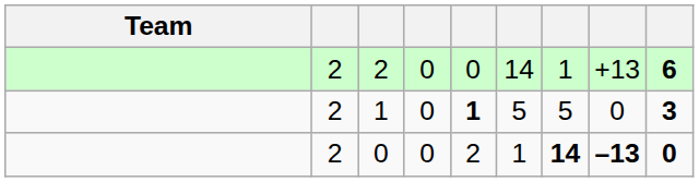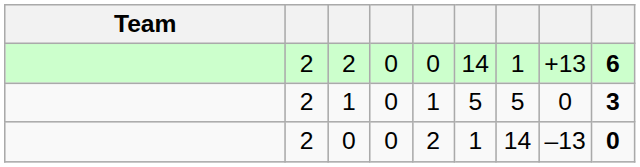 <table class="wikitable" style="text-align: center;">
 <tr>
 <th width="175">Team</th>
 <th width="20"></th>
 <th width="20"></th>
 <th width="20"></th>
 <th width="20"></th>
 <th width="20"></th>
 <th width="20"></th>
 <th width="20"></th>
 <th width="20"><strong></strong></th>
 </tr>
 <tr bgcolor=#cfc>
 <td align=left></td>
 <td>2</td>
 <td>2</td>
 <td>0</td>
 <td>0</td>
 <td>14</td>
 <td>1</td>
 <td>+13</td>
 <td><strong>6</strong></td>
 </tr>
 <tr>
 <td align=left></td>
 <td>2</td>
 <td>1</td>
 <td>0</td>
-<td><strong>1</strong></td>
+<td>1</td>
 <td>5</td>
 <td>5</td>
 <td>0</td>
 <td><strong>3</strong></td>
 </tr>
 <tr>
 <td align=left></td>
 <td>2</td>
 <td>0</td>
 <td>0</td>
 <td>2</td>
 <td>1</td>
-<td><strong>14</strong></td>
-<td><strong>–13</strong></td>
+<td>14</td>
+<td>–13</td>
 <td><strong>0</strong></td>
 </tr>
 </table>
